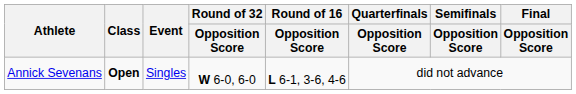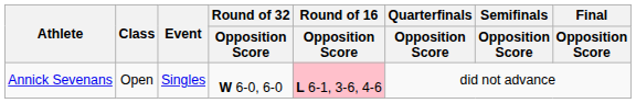 <table class=wikitable style="font-size:90%">
 <tr>
 <th rowspan="2">Athlete</th>
 <th rowspan="2">Class</th>
 <th rowspan="2">Event</th>
 <th>Round of 32</th>
 <th>Round of 16</th>
 <th>Quarterfinals</th>
 <th>Semifinals</th>
 <th>Final</th>
 </tr>
 <tr>
 <th>Opposition<br>Score</th>
 <th>Opposition<br>Score</th>
 <th>Opposition<br>Score</th>
 <th>Opposition<br>Score</th>
 <th>Opposition<br>Score</th>
 </tr>
 <tr>
 <td><a href='#'>Annick Sevenans</a></td>
-<td align="center"><strong>Open</strong></td>
+<td align="center">Open</td>
 <td><a href='#'>Singles</a></td>
 <td align="center"><br><strong>W</strong> 6-0, 6-0</td>
-<td align="center"><br><strong>L</strong> 6-1, 3-6, 4-6</td>
+<td align="center" style="background: pink;"><br><strong>L</strong> 6-1, 3-6, 4-6</td>
 <td align="center" colspan="3">did not advance</td>
 </tr>
 </table>
